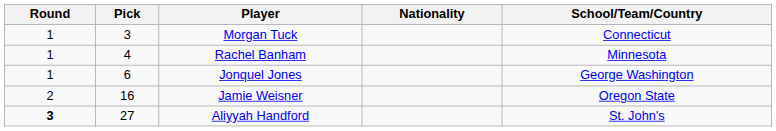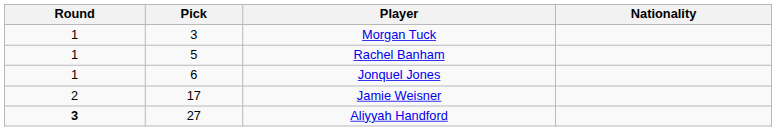 <table class="wikitable" style="text-align:center; width:60em">
 <tr>
 <th>Round</th>
 <th>Pick</th>
 <th>Player</th>
 <th>Nationality</th>
-<th>School/Team/Country</th>
 </tr>
 <tr>
 <td>1</td>
 <td>3</td>
 <td><a href='#'>Morgan Tuck</a></td>
 <td></td>
-<td><a href='#'>Connecticut</a></td>
 </tr>
 <tr>
 <td>1</td>
-<td>4</td>
+<td>5</td>
 <td><a href='#'>Rachel Banham</a></td>
 <td></td>
-<td><a href='#'>Minnesota</a></td>
 </tr>
 <tr>
 <td>1</td>
 <td>6</td>
 <td><a href='#'>Jonquel Jones</a></td>
 <td></td>
-<td><a href='#'>George Washington</a></td>
 </tr>
 <tr>
 <td>2</td>
-<td>16</td>
+<td>17</td>
 <td><a href='#'>Jamie Weisner</a></td>
 <td></td>
-<td><a href='#'>Oregon State</a></td>
 </tr>
 <tr>
 <td><strong>3</strong></td>
 <td>27</td>
 <td><a href='#'>Aliyyah Handford</a></td>
 <td></td>
-<td><a href='#'>St. John's</a></td>
 </tr>
 </table>
